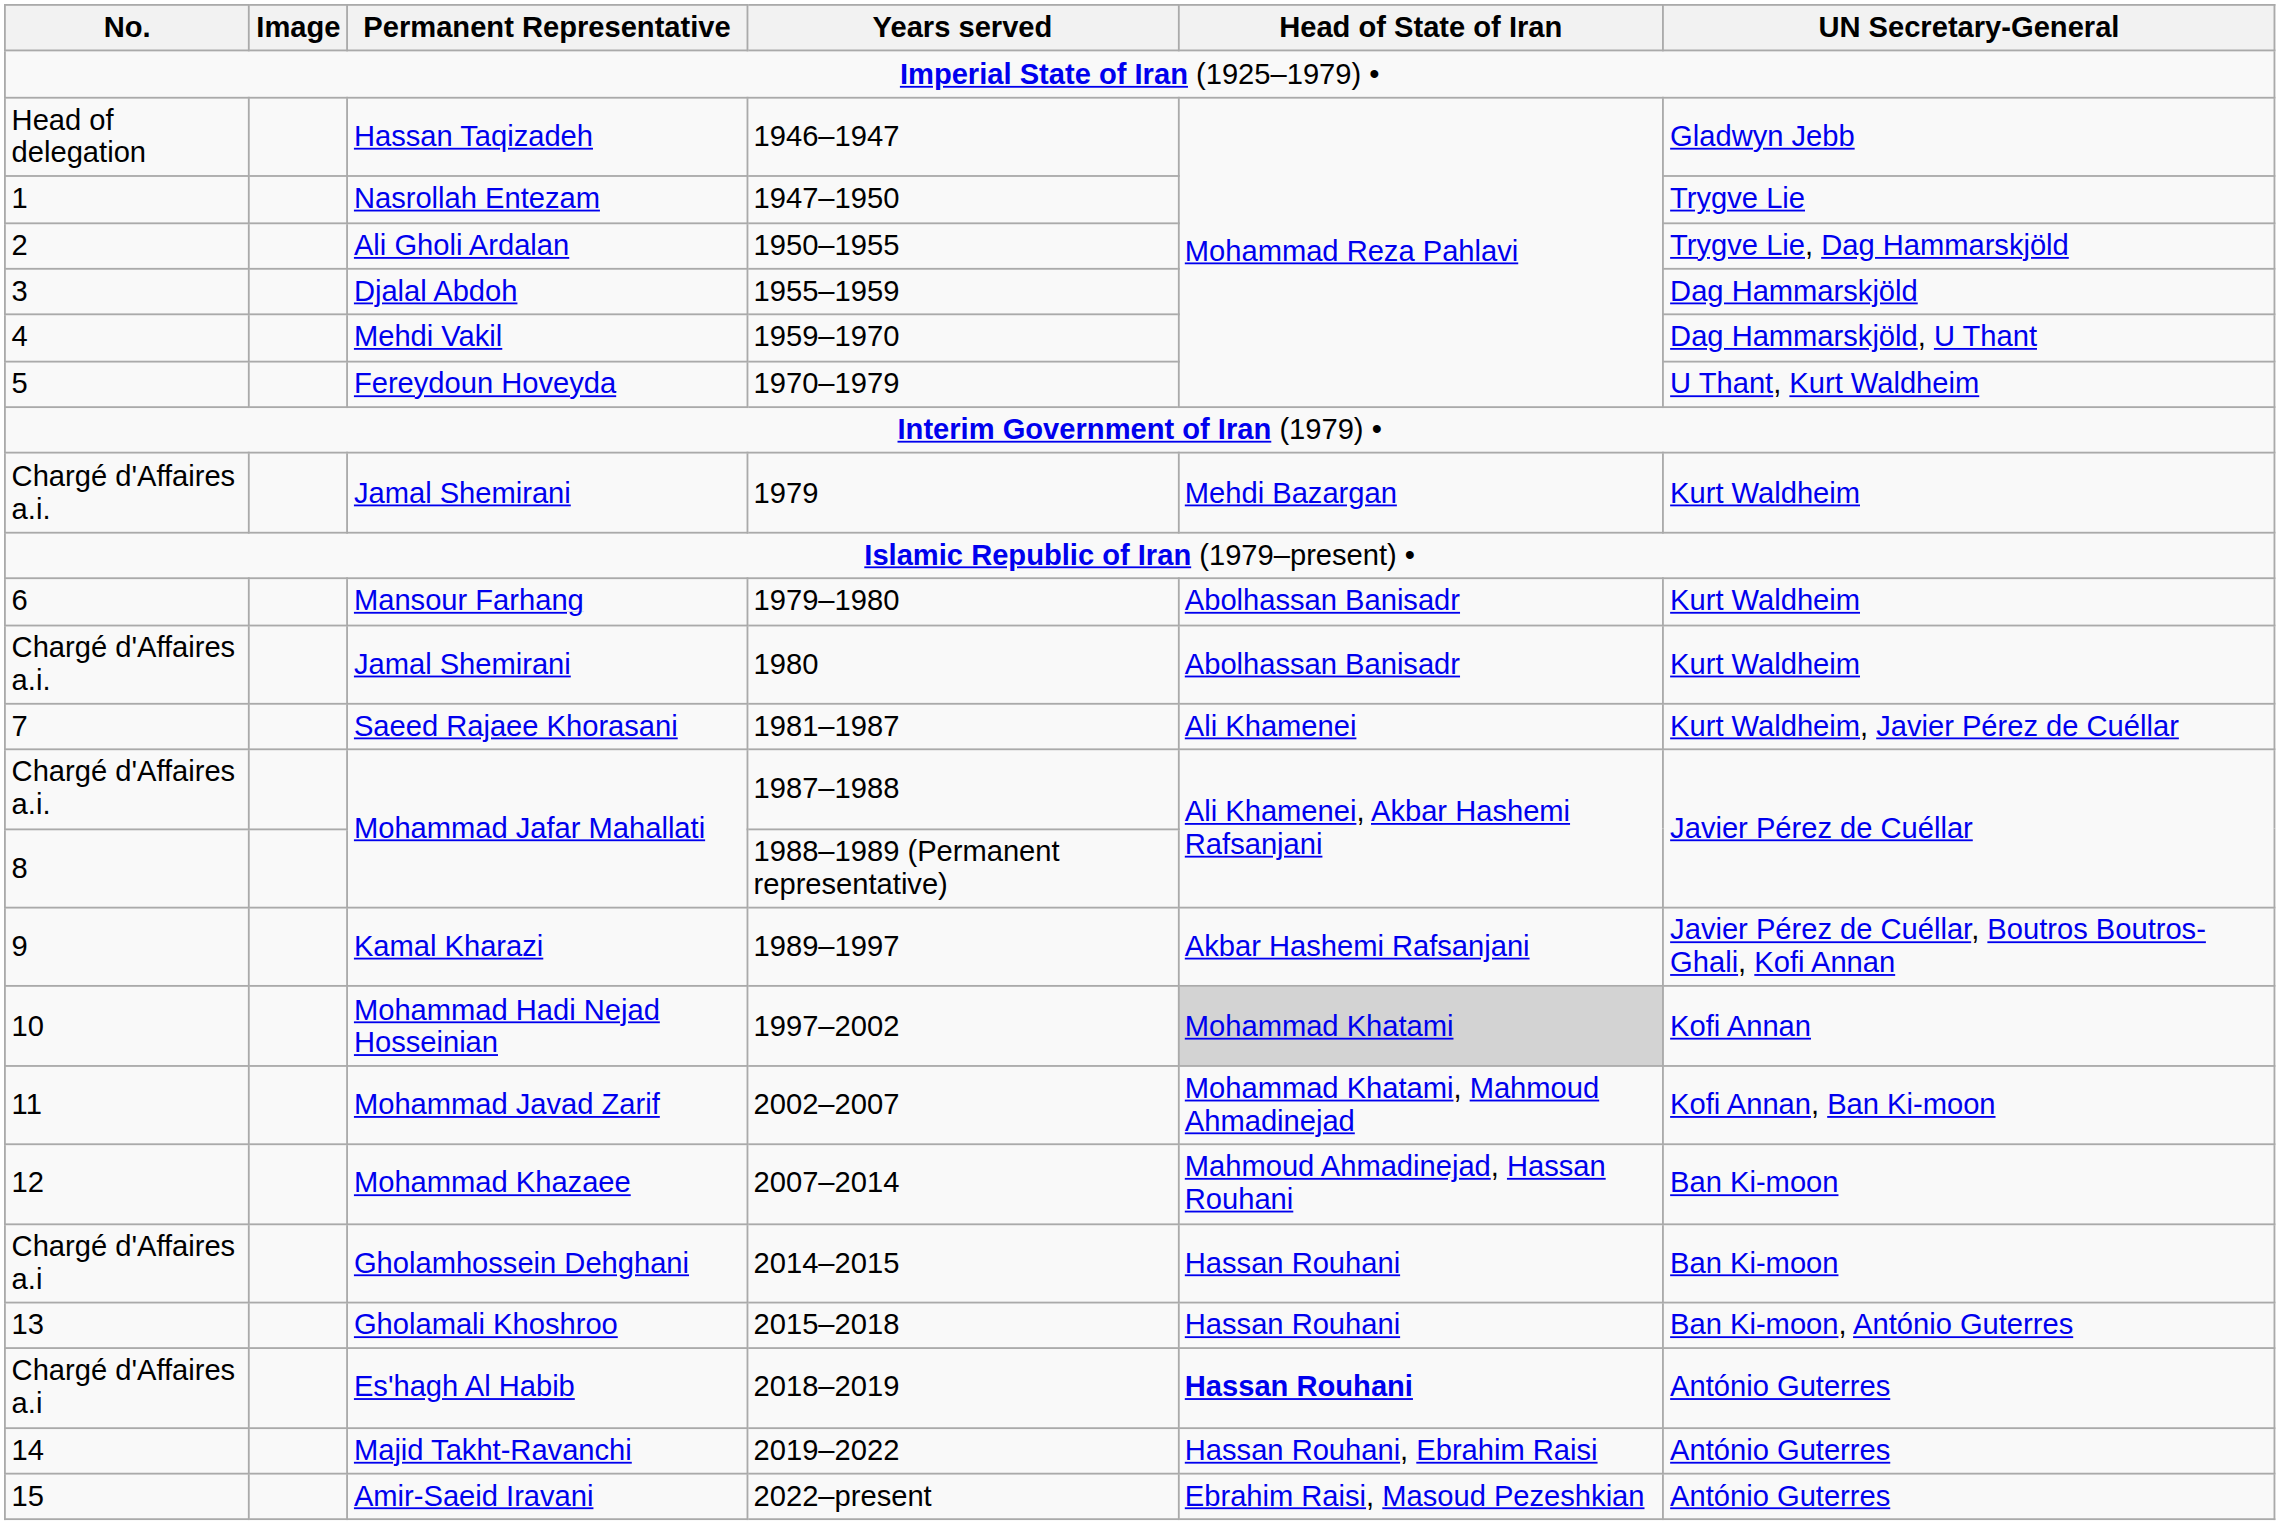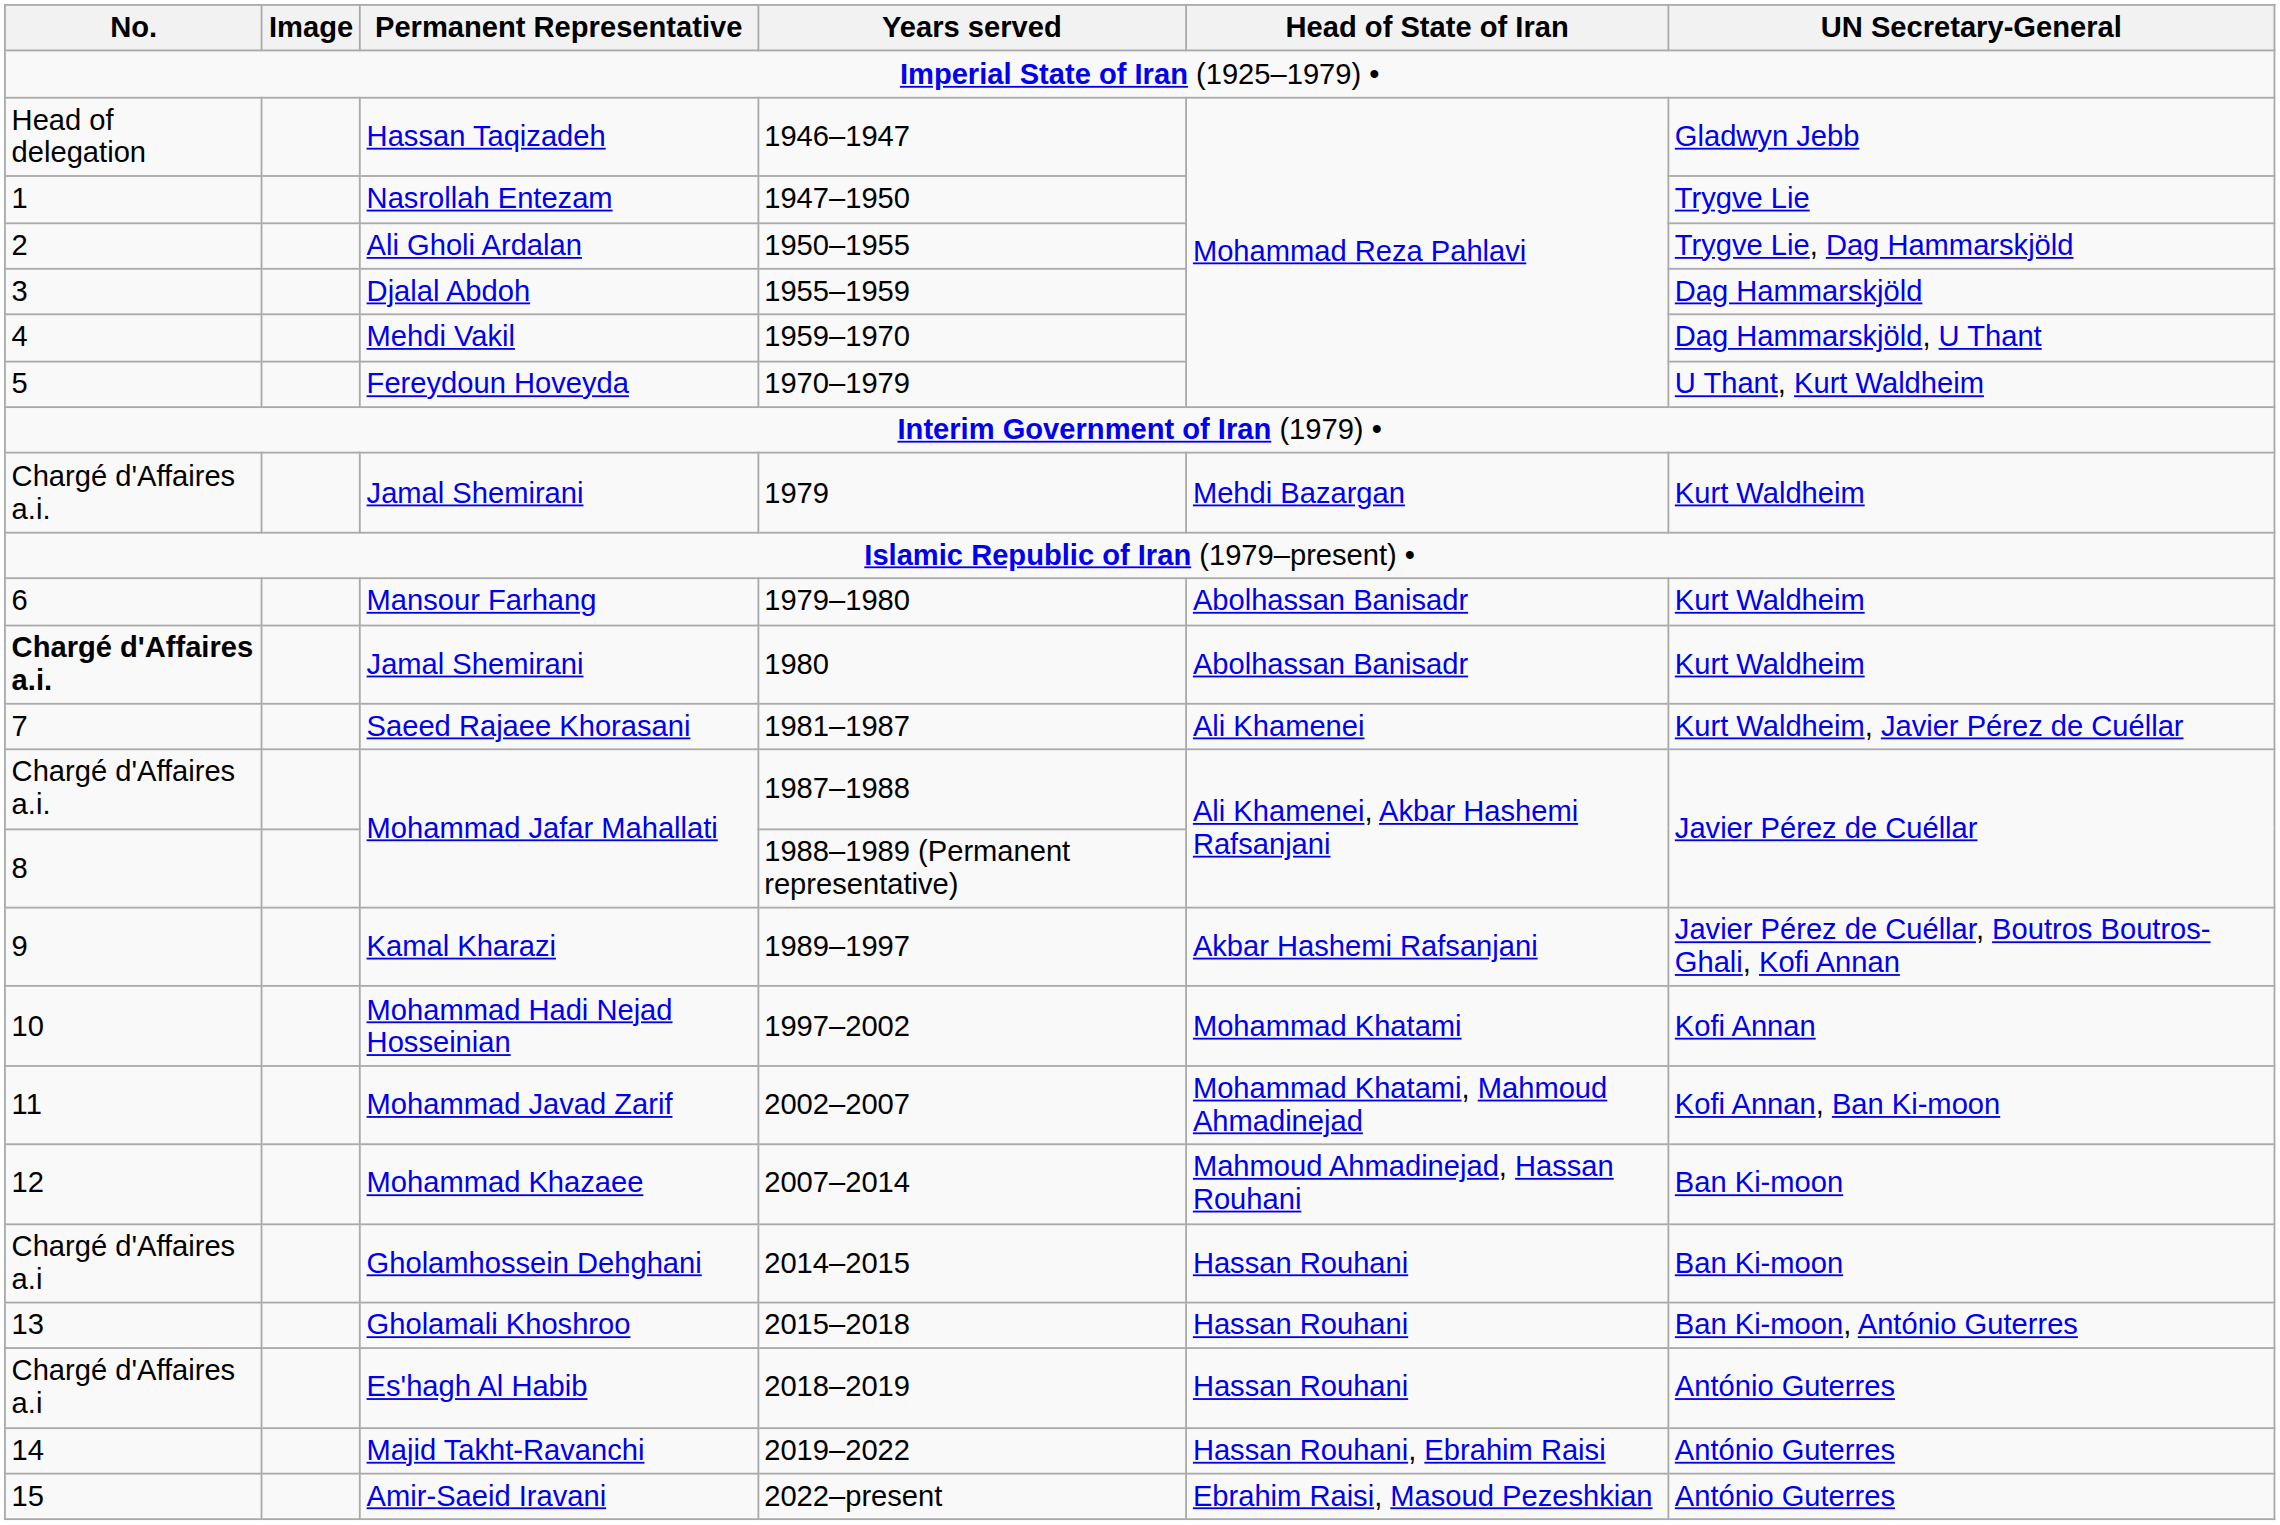 <table class=wikitable>
 <tr>
 <th>No.</th>
 <th>Image</th>
 <th>Permanent Representative</th>
 <th>Years served</th>
 <th>Head of State of Iran</th>
 <th>UN Secretary-General</th>
 </tr>
 <tr>
 <td colspan="6" align="center"><strong><a href='#'>Imperial State of Iran</a></strong> (1925–1979) • </td>
 </tr>
 <tr>
 <td>Head of delegation</td>
 <td></td>
 <td><a href='#'>Hassan Taqizadeh</a></td>
 <td>1946–1947</td>
 <td rowspan=6><a href='#'>Mohammad Reza Pahlavi</a></td>
 <td><a href='#'>Gladwyn Jebb</a></td>
 </tr>
 <tr>
 <td>1</td>
 <td></td>
 <td><a href='#'>Nasrollah Entezam</a></td>
 <td>1947–1950</td>
 <td><a href='#'>Trygve Lie</a></td>
 </tr>
 <tr>
 <td>2</td>
 <td></td>
 <td><a href='#'>Ali Gholi Ardalan</a></td>
 <td>1950–1955</td>
 <td><a href='#'>Trygve Lie</a>, <a href='#'>Dag Hammarskjöld</a></td>
 </tr>
 <tr>
 <td>3</td>
 <td></td>
 <td><a href='#'>Djalal Abdoh</a></td>
 <td>1955–1959</td>
 <td><a href='#'>Dag Hammarskjöld</a></td>
 </tr>
 <tr>
 <td>4</td>
 <td></td>
 <td><a href='#'>Mehdi Vakil</a></td>
 <td>1959–1970</td>
 <td><a href='#'>Dag Hammarskjöld</a>, <a href='#'>U Thant</a></td>
 </tr>
 <tr>
 <td>5</td>
 <td></td>
 <td><a href='#'>Fereydoun Hoveyda</a></td>
 <td>1970–1979</td>
 <td><a href='#'>U Thant</a>, <a href='#'>Kurt Waldheim</a></td>
 </tr>
 <tr>
 <td colspan="6" align="center"><strong><a href='#'>Interim Government of Iran</a></strong> (1979) • </td>
 </tr>
 <tr>
 <td>Chargé d'Affaires a.i.</td>
 <td></td>
 <td><a href='#'>Jamal Shemirani</a></td>
 <td>1979</td>
 <td><a href='#'>Mehdi Bazargan</a></td>
 <td><a href='#'>Kurt Waldheim</a></td>
 </tr>
 <tr>
 <td colspan="6" align="center"><strong><a href='#'>Islamic Republic of Iran</a></strong> (1979–present) • </td>
 </tr>
 <tr>
 <td>6</td>
 <td></td>
 <td><a href='#'>Mansour Farhang</a></td>
 <td>1979–1980</td>
 <td><a href='#'>Abolhassan Banisadr</a></td>
 <td><a href='#'>Kurt Waldheim</a></td>
 </tr>
 <tr>
-<td>Chargé d'Affaires a.i.</td>
+<td><strong>Chargé d'Affaires a.i.</strong></td>
 <td></td>
 <td><a href='#'>Jamal Shemirani</a></td>
 <td>1980</td>
 <td><a href='#'>Abolhassan Banisadr</a></td>
 <td><a href='#'>Kurt Waldheim</a></td>
 </tr>
 <tr>
 <td>7</td>
 <td></td>
 <td><a href='#'>Saeed Rajaee Khorasani</a></td>
 <td>1981–1987</td>
 <td><a href='#'>Ali Khamenei</a></td>
 <td><a href='#'>Kurt Waldheim</a>, <a href='#'>Javier Pérez de Cuéllar</a></td>
 </tr>
 <tr>
 <td>Chargé d'Affaires a.i.</td>
 <td></td>
 <td rowspan="2"><a href='#'>Mohammad Jafar Mahallati</a></td>
 <td>1987–1988</td>
 <td rowspan="2"><a href='#'>Ali Khamenei</a>, <a href='#'>Akbar Hashemi Rafsanjani</a></td>
 <td rowspan="2"><a href='#'>Javier Pérez de Cuéllar</a></td>
 </tr>
 <tr>
 <td>8</td>
 <td></td>
 <td>1988–1989 (Permanent representative)</td>
 </tr>
 <tr>
 <td>9</td>
 <td></td>
 <td><a href='#'>Kamal Kharazi</a></td>
 <td>1989–1997</td>
 <td><a href='#'>Akbar Hashemi Rafsanjani</a></td>
 <td><a href='#'>Javier Pérez de Cuéllar</a>, <a href='#'>Boutros Boutros-Ghali</a>, <a href='#'>Kofi Annan</a></td>
 </tr>
 <tr>
 <td>10</td>
 <td></td>
 <td><a href='#'>Mohammad Hadi Nejad Hosseinian</a></td>
 <td>1997–2002</td>
-<td style="background: lightgrey;"><a href='#'>Mohammad Khatami</a></td>
+<td><a href='#'>Mohammad Khatami</a></td>
 <td><a href='#'>Kofi Annan</a></td>
 </tr>
 <tr>
 <td>11</td>
 <td></td>
 <td><a href='#'>Mohammad Javad Zarif</a></td>
 <td>2002–2007</td>
 <td><a href='#'>Mohammad Khatami</a>, <a href='#'>Mahmoud Ahmadinejad</a></td>
 <td><a href='#'>Kofi Annan</a>, <a href='#'>Ban Ki-moon</a></td>
 </tr>
 <tr>
 <td>12</td>
 <td></td>
 <td><a href='#'>Mohammad Khazaee</a></td>
 <td>2007–2014</td>
 <td><a href='#'>Mahmoud Ahmadinejad</a>, <a href='#'>Hassan Rouhani</a></td>
 <td><a href='#'>Ban Ki-moon</a></td>
 </tr>
 <tr>
 <td>Chargé d'Affaires a.i</td>
 <td></td>
 <td><a href='#'>Gholamhossein Dehghani</a></td>
 <td>2014–2015</td>
 <td><a href='#'>Hassan Rouhani</a></td>
 <td><a href='#'>Ban Ki-moon</a></td>
 </tr>
 <tr>
 <td>13</td>
 <td></td>
 <td><a href='#'>Gholamali Khoshroo</a></td>
 <td>2015–2018</td>
 <td><a href='#'>Hassan Rouhani</a></td>
 <td><a href='#'>Ban Ki-moon</a>, <a href='#'>António Guterres</a></td>
 </tr>
 <tr>
 <td>Chargé d'Affaires a.i</td>
 <td></td>
 <td><a href='#'>Es'hagh Al Habib</a></td>
 <td>2018–2019</td>
-<td><strong><a href='#'>Hassan Rouhani</a></strong></td>
+<td><a href='#'>Hassan Rouhani</a></td>
 <td><a href='#'>António Guterres</a></td>
 </tr>
 <tr>
 <td>14</td>
 <td></td>
 <td><a href='#'>Majid Takht-Ravanchi</a></td>
 <td>2019–2022</td>
 <td><a href='#'>Hassan Rouhani</a>, <a href='#'>Ebrahim Raisi</a></td>
 <td><a href='#'>António Guterres</a></td>
 </tr>
 <tr>
 <td>15</td>
 <td></td>
 <td><a href='#'>Amir-Saeid Iravani</a></td>
 <td>2022–present</td>
 <td><a href='#'>Ebrahim Raisi</a>, <a href='#'>Masoud Pezeshkian</a></td>
 <td><a href='#'>António Guterres</a></td>
 </tr>
 </table>
